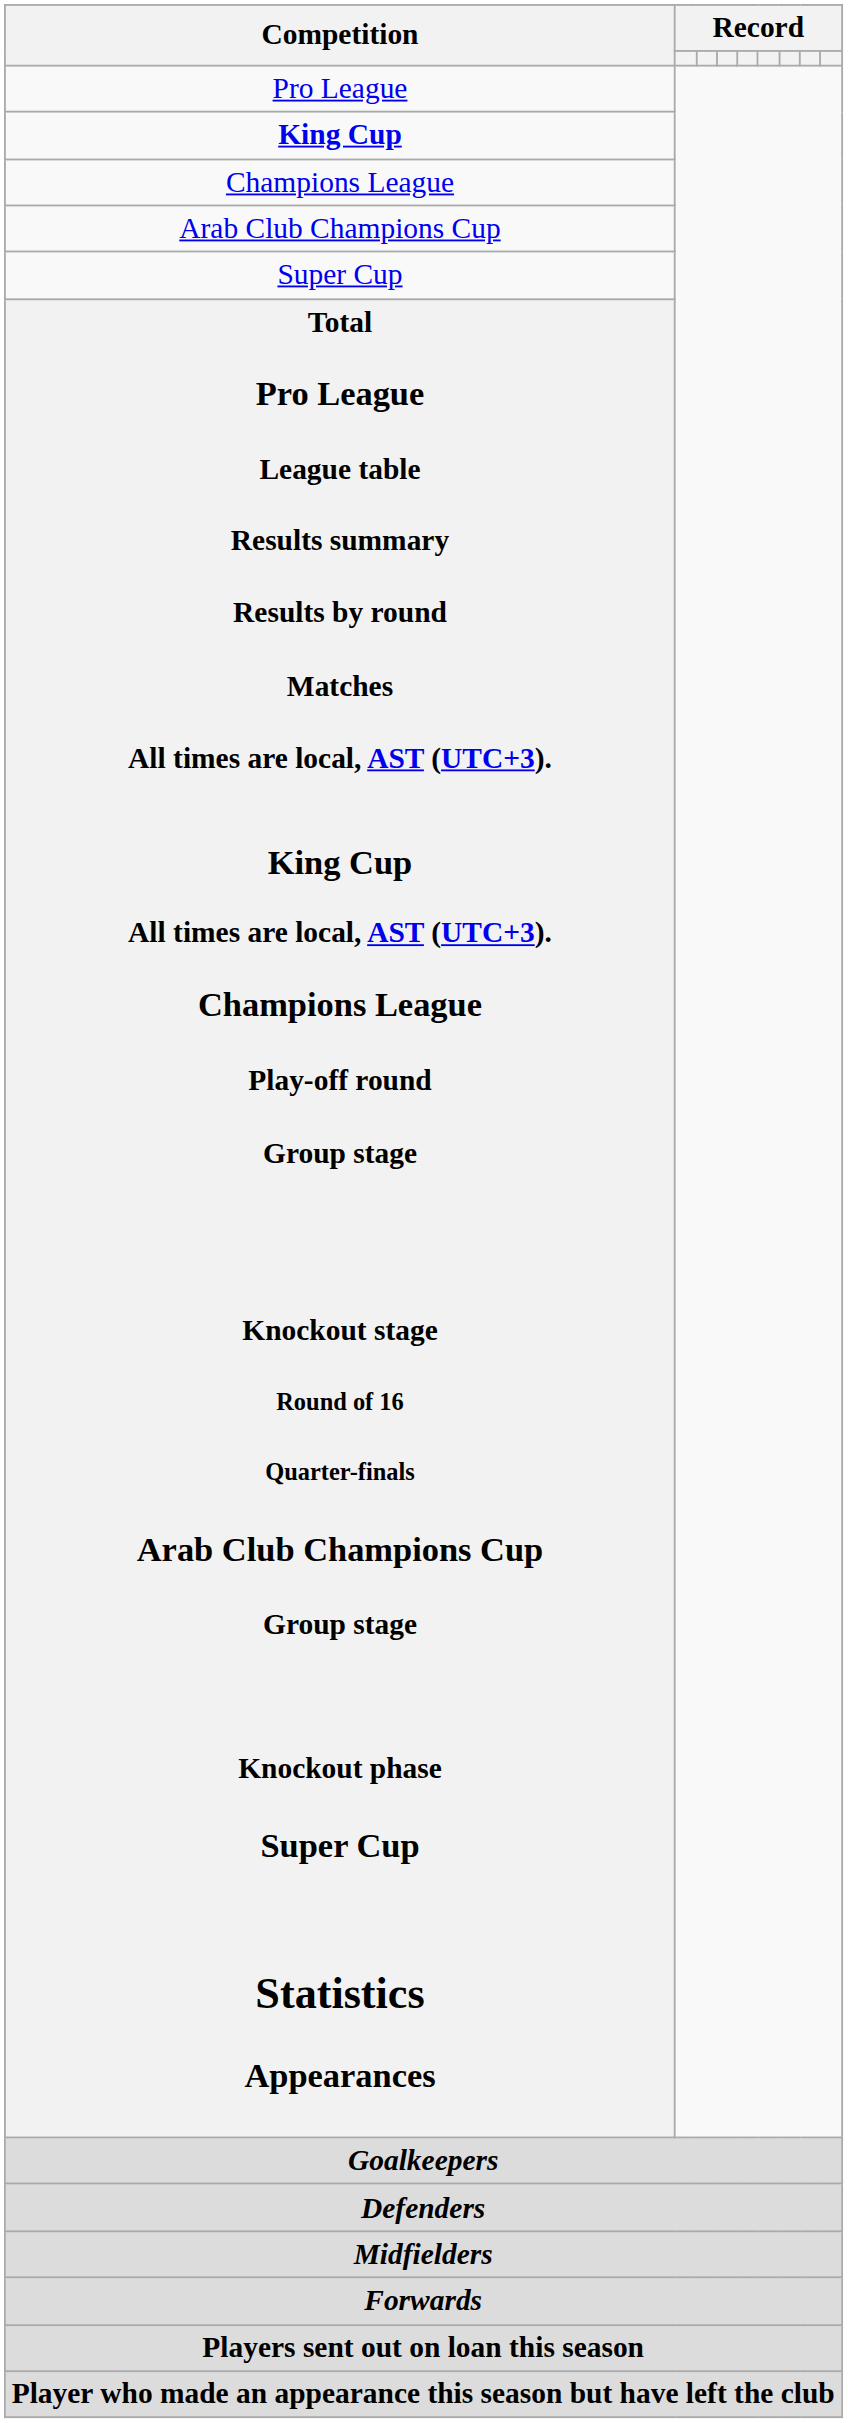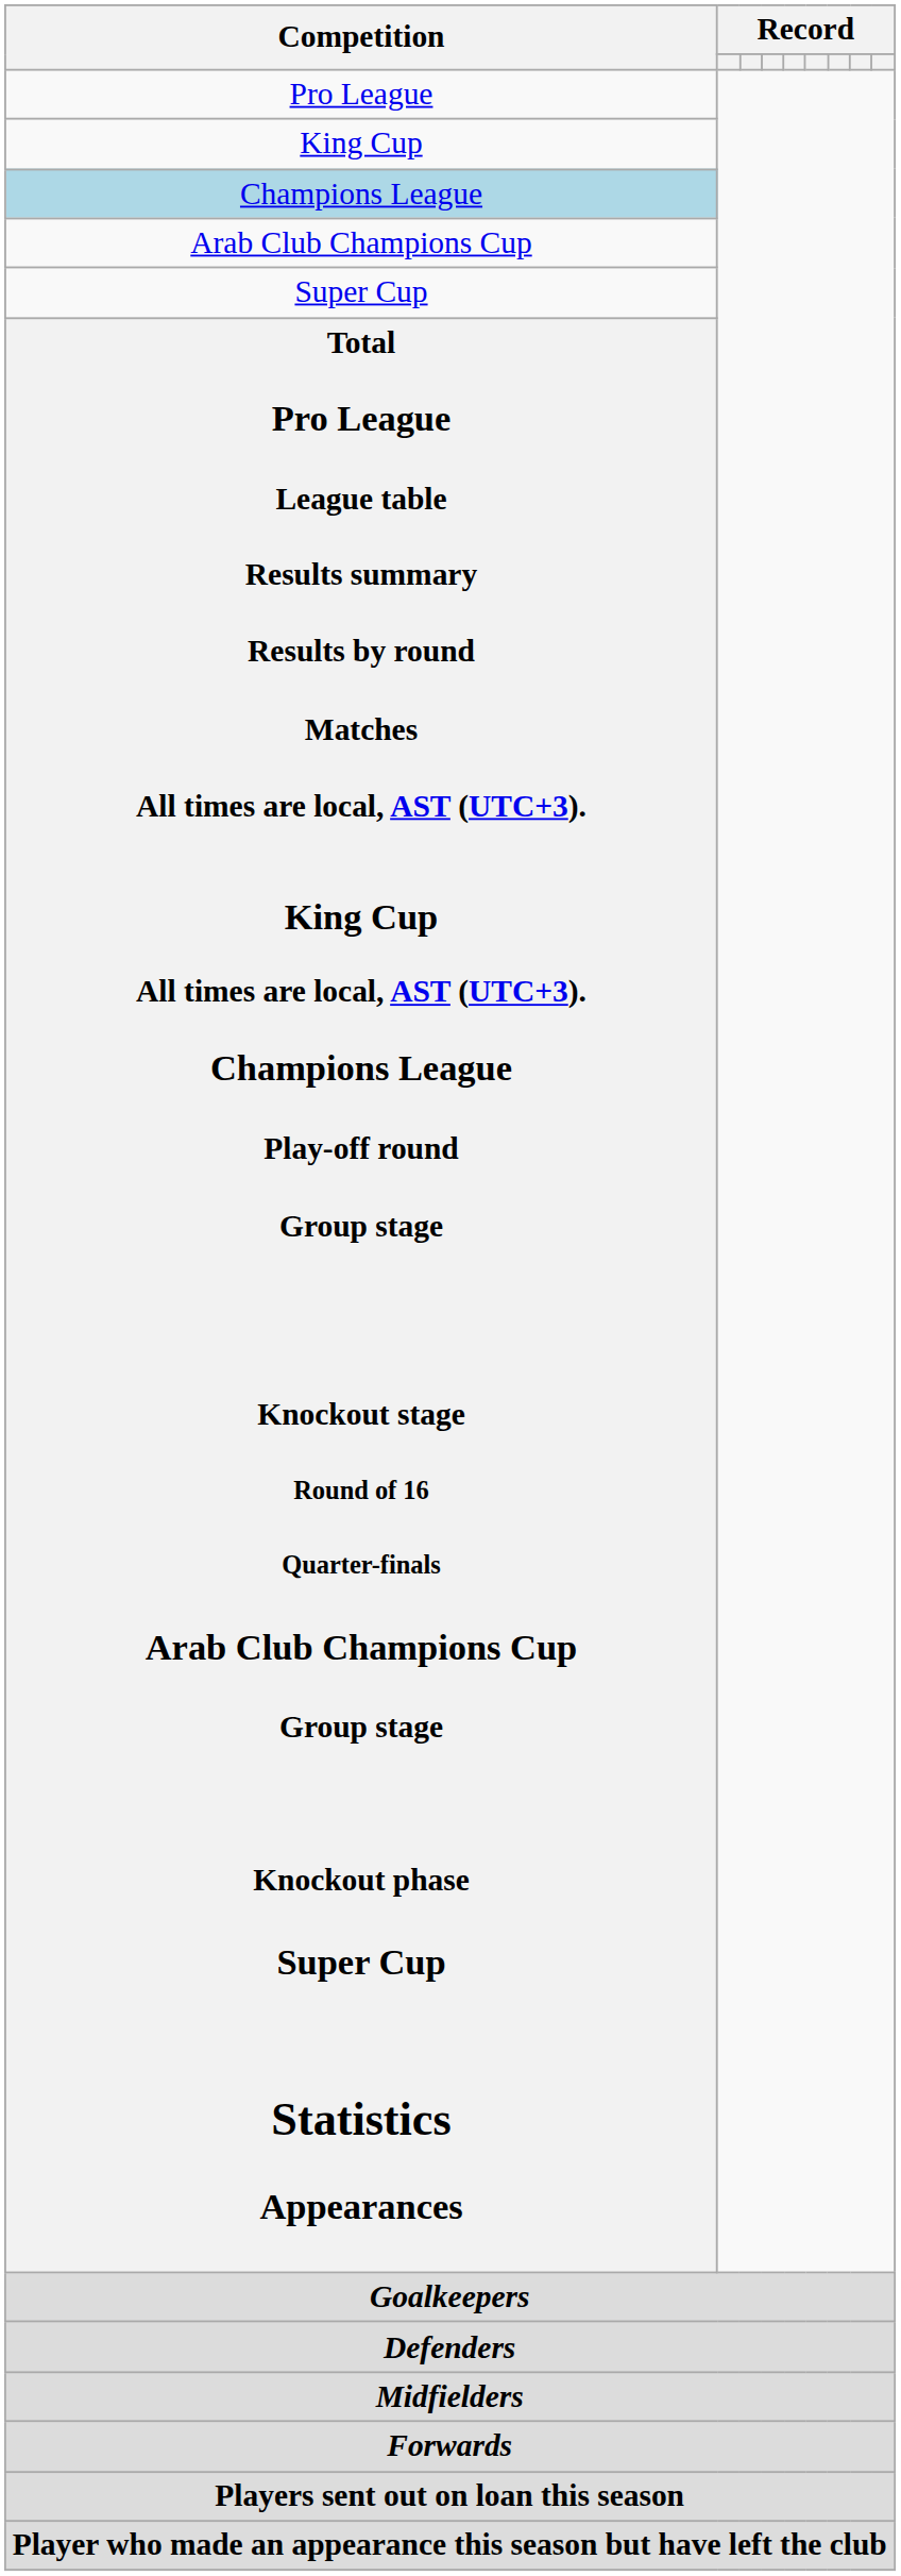 <table class="wikitable" style="text-align: center">
 <tr>
 <th rowspan=2>Competition</th>
 <th colspan=8>Record</th>
 </tr>
 <tr>
 <th></th>
 <th></th>
 <th></th>
 <th></th>
 <th></th>
 <th></th>
 <th></th>
 <th></th>
 </tr>
 <tr>
 <td><a href='#'>Pro League</a><br></td>
 </tr>
 <tr>
-<td><strong><a href='#'>King Cup</a><br></strong></td>
+<td><a href='#'>King Cup</a><br></td>
 </tr>
 <tr>
-<td><a href='#'>Champions League</a><br></td>
+<td style="background: lightblue;"><a href='#'>Champions League</a><br></td>
 </tr>
 <tr>
 <td><a href='#'>Arab Club Champions Cup</a><br></td>
 </tr>
 <tr>
 <td><a href='#'>Super Cup</a><br></td>
 </tr>
 <tr>
 <th>Total<br> <h3>Pro League</h3><h4>League table</h4><h4>Results summary</h4> <h4>Results by round</h4><h4>Matches</h4>All times are local, <a href='#'>AST</a> (<a href='#'>UTC+3</a>).<br>   <br>                                 <h3>King Cup</h3> All times are local, <a href='#'>AST</a> (<a href='#'>UTC+3</a>).<br>    <h3>Champions League</h3><h4>Play-off round</h4><h4>Group stage</h4><br><br>     <h4>Knockout stage</h4><h5>Round of 16</h5> <h5>Quarter-finals</h5> <h3>Arab Club Champions Cup</h3><h4>Group stage</h4><br>  <h4>Knockout phase</h4>  <h3>Super Cup</h3><br><h2>Statistics</h2><h3>Appearances</h3></th>
 </tr>
 <tr>
 <th colspan=16 style=background:#dcdcdc; text-align:center><em>Goalkeepers</em><br>     </th>
 </tr>
 <tr>
 <th colspan=16 style=background:#dcdcdc; text-align:center><em>Defenders</em><br>            </th>
 </tr>
 <tr>
 <th colspan=16 style=background:#dcdcdc; text-align:center><em>Midfielders</em><br>          </th>
 </tr>
 <tr>
 <th colspan=16 style=background:#dcdcdc; text-align:center><em>Forwards</em><br>   </th>
 </tr>
 <tr>
 <th colspan=16 style=background:#dcdcdc; text-align:center>Players sent out on loan this season<br>    </th>
 </tr>
 <tr>
 <th colspan=18 style=background:#dcdcdc; text-align:center>Player who made an appearance this season but have left the club<br> </th>
 </tr>
 </table>
